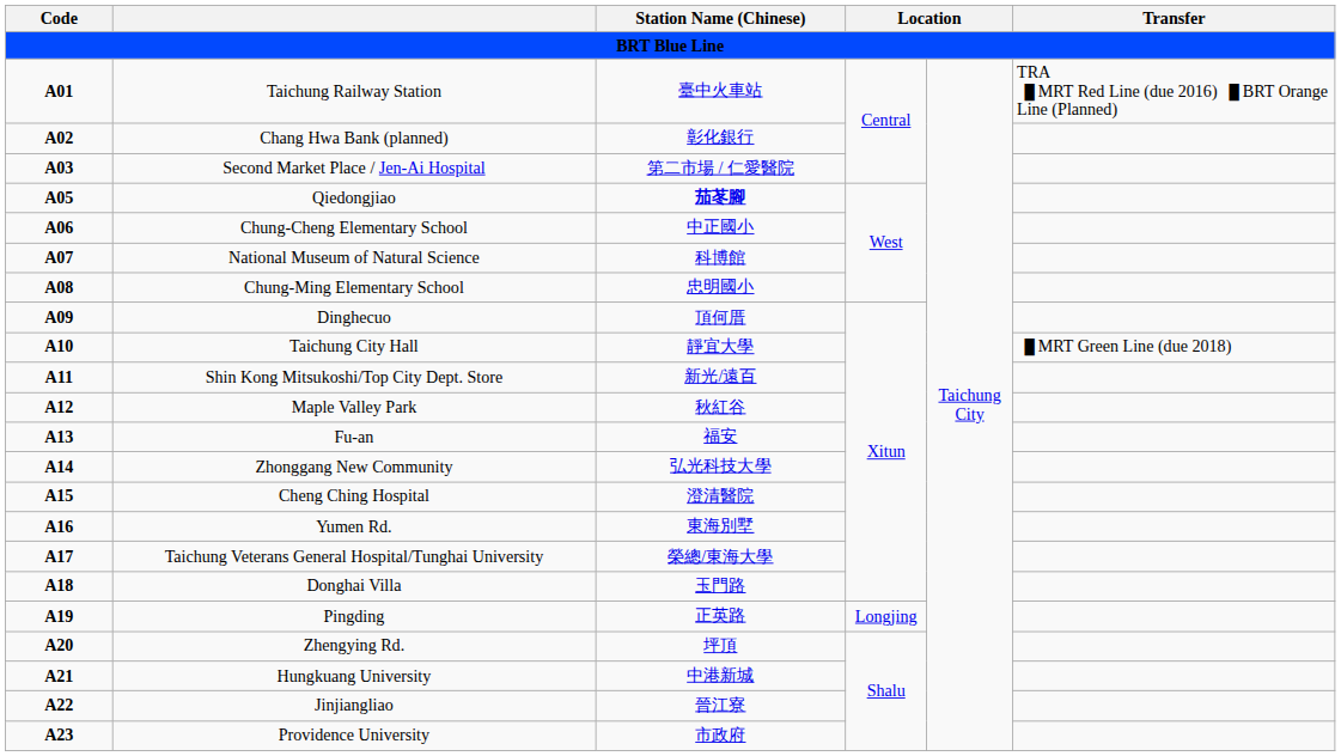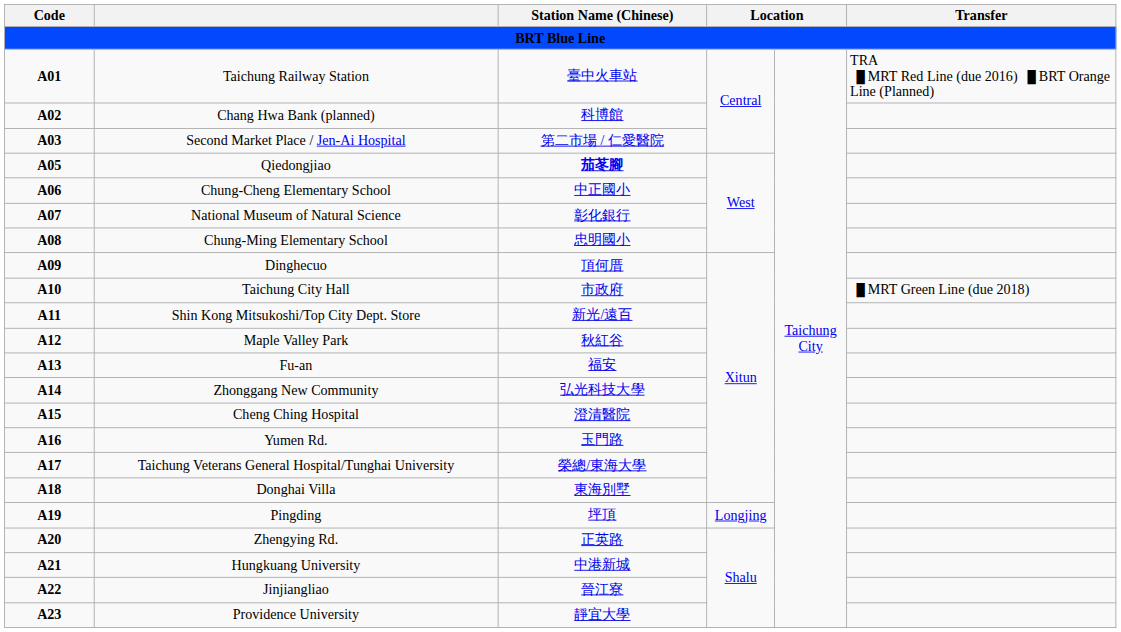 <table class="wikitable" align="center" border="1" cellspacing="0" width="100%" style="margin-left:auto; margin-right:auto;">
 <tr>
 <th width="6%">Code</th>
 <th width="27%"></th>
 <th width="14%">Station Name (Chinese)</th>
 <th colspan="2" width="6%">Location</th>
 <th width="18%">Transfer</th>
 </tr>
 <tr align="center" bgcolor="#0249FE">
 <td colspan="6"><span><strong>BRT Blue Line</strong></span></td>
 </tr>
 <tr align="center">
 <td><strong><span>A01</span></strong></td>
 <td>Taichung Railway Station</td>
 <td><a href='#'>臺中火車站</a></td>
 <td rowspan="3"><a href='#'>Central</a></td>
 <td rowspan="22"><a href='#'>Taichung City</a></td>
 <td align="left"> TRA<br> <small> <span>█</span> </small>MRT Red Line (due 2016)  <small> <span>█</span> </small>BRT Orange Line (Planned)</td>
 </tr>
 <tr align="center">
 <td><strong><span>A02</span></strong></td>
 <td><span>Chang Hwa Bank (planned)</span></td>
-<td><a href='#'><span><span>彰化銀行</span></span></a></td>
+<td><a href='#'>科博館</a></td>
 <td align="left"></td>
 </tr>
 <tr align="center">
 <td><strong><span>A03</span></strong></td>
 <td>Second Market Place / <a href='#'>Jen-Ai Hospital</a></td>
 <td><a href='#'>第二市場 / 仁愛醫院</a></td>
 <td align="left"></td>
 </tr>
 <tr align="center">
 <td><strong><span>A05</span></strong></td>
 <td>Qiedongjiao</td>
 <td><strong><a href='#'>茄苳腳</a></strong></td>
 <td rowspan="4"><a href='#'>West</a></td>
 <td></td>
 </tr>
 <tr align="center">
 <td><strong><span>A06</span></strong></td>
 <td>Chung-Cheng Elementary School</td>
 <td><a href='#'>中正國小</a></td>
 <td></td>
 </tr>
 <tr align="center">
 <td><strong><span>A07</span></strong></td>
 <td>National Museum of Natural Science</td>
-<td><a href='#'>科博館</a></td>
+<td><a href='#'><span><span>彰化銀行</span></span></a></td>
 <td></td>
 </tr>
 <tr align="center">
 <td><strong><span>A08</span></strong></td>
 <td>Chung-Ming Elementary School</td>
 <td><a href='#'>忠明國小</a></td>
 <td></td>
 </tr>
 <tr align="center">
 <td><strong><span>A09</span></strong></td>
 <td>Dinghecuo</td>
 <td><a href='#'>頂何厝</a></td>
 <td rowspan="10"><a href='#'>Xitun</a></td>
 <td></td>
 </tr>
 <tr align="center">
 <td><strong><span>A10</span></strong></td>
 <td>Taichung City Hall</td>
-<td><a href='#'>靜宜大學</a></td>
+<td><a href='#'>市政府</a></td>
 <td align="left"> <small> <span>█</span> </small>MRT Green Line (due 2018)</td>
 </tr>
 <tr align="center">
 <td><strong><span>A11</span></strong></td>
 <td>Shin Kong Mitsukoshi/Top City Dept. Store</td>
 <td><a href='#'>新光/遠百</a></td>
 <td></td>
 </tr>
 <tr align="center">
 <td><strong><span>A12</span></strong></td>
 <td>Maple Valley Park</td>
 <td><a href='#'>秋紅谷</a></td>
 <td></td>
 </tr>
 <tr align="center">
 <td><strong><span>A13</span></strong></td>
 <td>Fu-an</td>
 <td><a href='#'>福安</a></td>
 <td></td>
 </tr>
 <tr align="center">
 <td><strong><span>A14</span></strong></td>
 <td>Zhonggang New Community</td>
 <td><a href='#'>弘光科技大學</a></td>
 <td></td>
 </tr>
 <tr align="center">
 <td><strong><span>A15</span></strong></td>
 <td>Cheng Ching Hospital</td>
 <td><a href='#'>澄清醫院</a></td>
 <td></td>
 </tr>
 <tr align="center">
 <td><strong><span>A16</span></strong></td>
 <td>Yumen Rd.</td>
-<td><a href='#'>東海別墅</a></td>
+<td><a href='#'>玉門路</a></td>
 <td></td>
 </tr>
 <tr align="center">
 <td><strong><span>A17</span></strong></td>
 <td>Taichung Veterans General Hospital/Tunghai University</td>
 <td><a href='#'>榮總/東海大學</a></td>
 <td></td>
 </tr>
 <tr align="center">
 <td><strong><span>A18</span></strong></td>
 <td>Donghai Villa</td>
-<td><a href='#'>玉門路</a></td>
+<td><a href='#'>東海別墅</a></td>
 <td></td>
 </tr>
 <tr align="center">
 <td><strong><span>A19</span></strong></td>
 <td>Pingding</td>
-<td><a href='#'>正英路</a></td>
+<td><a href='#'>坪頂</a></td>
 <td rowspan="1"><a href='#'>Longjing</a></td>
 <td></td>
 </tr>
 <tr align="center">
 <td><strong><span>A20</span></strong></td>
 <td>Zhengying Rd.</td>
-<td><a href='#'>坪頂</a></td>
+<td><a href='#'>正英路</a></td>
 <td rowspan="4"><a href='#'>Shalu</a></td>
 <td></td>
 </tr>
 <tr align="center">
 <td><strong><span>A21</span></strong></td>
 <td>Hungkuang University</td>
 <td><a href='#'>中港新城</a></td>
 <td></td>
 </tr>
 <tr align="center">
 <td><strong><span>A22</span></strong></td>
 <td>Jinjiangliao</td>
 <td><a href='#'>晉江寮</a></td>
 <td></td>
 </tr>
 <tr align="center">
 <td><strong><span>A23</span></strong></td>
 <td>Providence University</td>
-<td><a href='#'>市政府</a></td>
+<td><a href='#'>靜宜大學</a></td>
 <td></td>
 </tr>
 </table>
